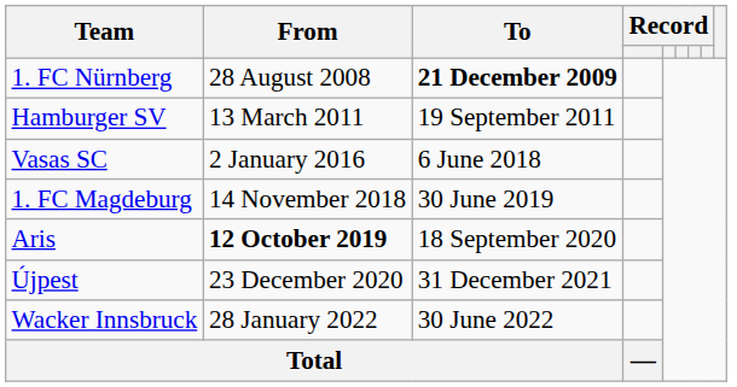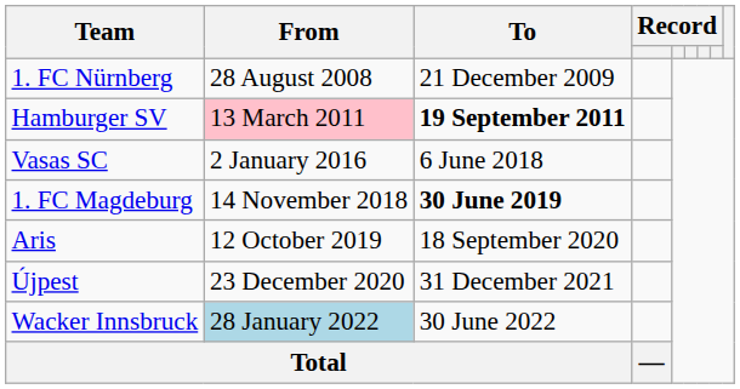 <table class=wikitable style="text-align: center">
 <tr>
 <th rowspan=2>Team</th>
 <th rowspan=2>From</th>
 <th rowspan=2>To</th>
 <th colspan=5>Record</th>
 <th rowspan=2></th>
 </tr>
 <tr>
 <th></th>
 <th></th>
 <th></th>
 <th></th>
 <th></th>
 </tr>
 <tr>
 <td align=left><a href='#'>1. FC Nürnberg</a></td>
 <td align=left>28 August 2008</td>
-<td align=left><strong>21 December 2009<br></strong></td>
+<td align=left>21 December 2009<br></td>
 <td></td>
 </tr>
 <tr>
 <td align=left><a href='#'>Hamburger SV</a></td>
-<td align=left>13 March 2011</td>
-<td align=left>19 September 2011<br></td>
+<td align=left style="background: pink;">13 March 2011</td>
+<td align=left><strong>19 September 2011<br></strong></td>
 <td></td>
 </tr>
 <tr>
 <td align=left><a href='#'>Vasas SC</a></td>
 <td align=left>2 January 2016</td>
 <td align=left>6 June 2018<br></td>
 <td></td>
 </tr>
 <tr>
 <td align=left><a href='#'>1. FC Magdeburg</a></td>
 <td align=left>14 November 2018</td>
-<td align=left>30 June 2019<br></td>
+<td align=left><strong>30 June 2019<br></strong></td>
 <td></td>
 </tr>
 <tr>
 <td align=left><a href='#'>Aris</a></td>
-<td align=left><strong>12 October 2019</strong></td>
+<td align=left>12 October 2019</td>
 <td align=left>18 September 2020<br></td>
 <td></td>
 </tr>
 <tr>
 <td align=left><a href='#'>Újpest</a></td>
 <td align=left>23 December 2020</td>
 <td align=left>31 December 2021<br></td>
 <td></td>
 </tr>
 <tr>
 <td align=left><a href='#'>Wacker Innsbruck</a></td>
-<td align=left>28 January 2022</td>
+<td align=left style="background: lightblue;">28 January 2022</td>
 <td align=left>30 June 2022<br></td>
 <td></td>
 </tr>
 <tr>
 <th colspan=3>Total<br></th>
 <th>—</th>
 </tr>
 </table>
